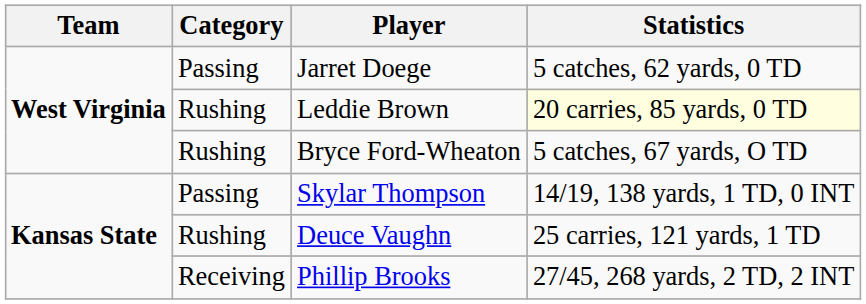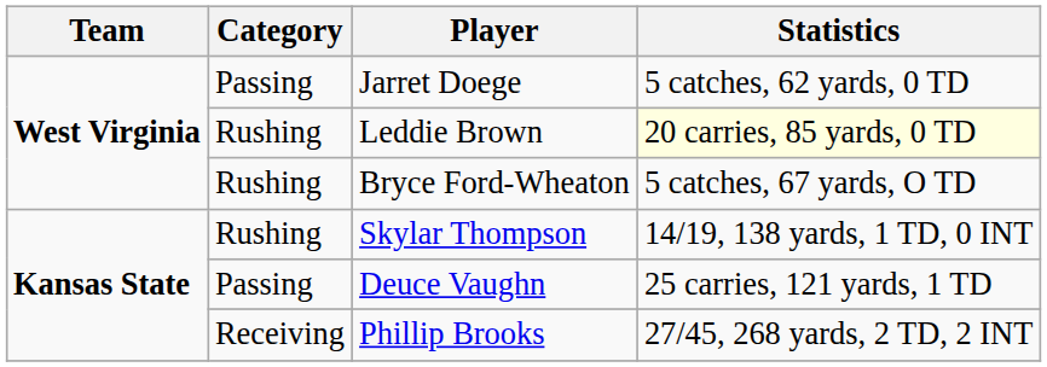 <table class="wikitable" style="float: right;">
 <tr>
 <th>Team</th>
 <th>Category</th>
 <th>Player</th>
 <th>Statistics</th>
 </tr>
 <tr>
 <td rowspan=3><strong>West Virginia</strong></td>
 <td>Passing</td>
 <td>Jarret Doege</td>
 <td>5 catches, 62 yards, 0 TD</td>
 </tr>
 <tr>
 <td>Rushing</td>
 <td>Leddie Brown</td>
 <td style="background: lightyellow;">20 carries, 85 yards, 0 TD</td>
 </tr>
 <tr>
 <td>Rushing</td>
 <td>Bryce Ford-Wheaton</td>
 <td>5 catches, 67 yards, O TD</td>
 </tr>
 <tr>
 <td rowspan=3><strong>Kansas State</strong></td>
-<td>Passing</td>
+<td>Rushing</td>
 <td><a href='#'>Skylar Thompson</a></td>
 <td>14/19, 138 yards, 1 TD, 0 INT</td>
 </tr>
 <tr>
-<td>Rushing</td>
+<td>Passing</td>
 <td><a href='#'>Deuce Vaughn</a></td>
 <td>25 carries, 121 yards, 1 TD</td>
 </tr>
 <tr>
 <td>Receiving</td>
 <td><a href='#'>Phillip Brooks</a></td>
 <td>27/45, 268 yards, 2 TD, 2 INT</td>
 </tr>
 </table>
